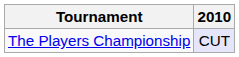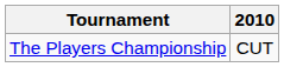 <table class="wikitable" style="font-size:95%;text-align:center;">
 <tr>
 <th>Tournament</th>
 <th>2010</th>
 </tr>
 <tr>
 <td align=left><a href='#'>The Players Championship</a></td>
-<td style="background: lavender;">CUT</td>
+<td>CUT</td>
 </tr>
 </table>
